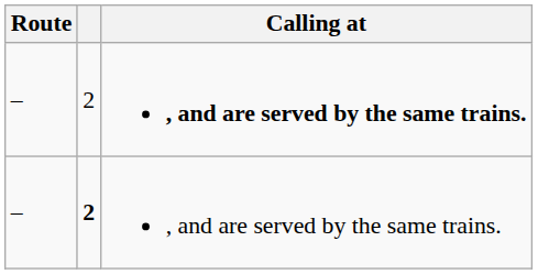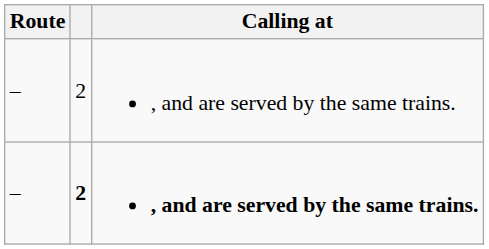 <table class="wikitable">
 <tr>
 <th>Route</th>
 <th></th>
 <th>Calling at</th>
 </tr>
 <tr>
 <td> – </td>
 <td>2</td>
-<td><strong><br><ul><li>,  and  are served by the same trains.</li></ul></strong></td>
+<td><br><ul><li>,  and  are served by the same trains.</li></ul></td>
 </tr>
 <tr>
 <td> – </td>
 <td><strong>2</strong></td>
-<td><br><ul><li>,  and  are served by the same trains.</li></ul></td>
+<td><strong><br><ul><li>,  and  are served by the same trains.</li></ul></strong></td>
 </tr>
 </table>
